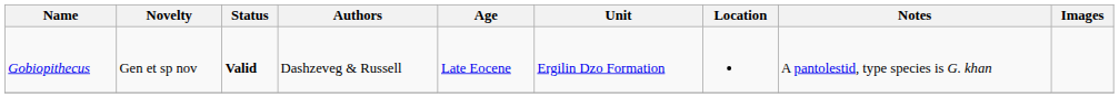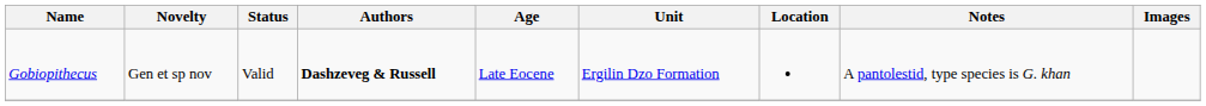 <table class="wikitable sortable" align="center" width="100%">
 <tr>
 <th>Name</th>
 <th>Novelty</th>
 <th>Status</th>
 <th>Authors</th>
 <th>Age</th>
 <th>Unit</th>
 <th>Location</th>
 <th>Notes</th>
 <th>Images</th>
 </tr>
 <tr>
 <td><br><em><a href='#'>Gobiopithecus</a></em></td>
 <td><br>Gen et sp nov</td>
-<td><strong><br>Valid</strong></td>
-<td><br>Dashzeveg & Russell</td>
+<td><br>Valid</td>
+<td><strong><br>Dashzeveg & Russell</strong></td>
 <td><br><a href='#'>Late Eocene</a></td>
 <td><br><a href='#'>Ergilin Dzo Formation</a></td>
 <td><br><ul><li></li></ul></td>
 <td><br>A <a href='#'>pantolestid</a>, type species is <em>G. khan</em></td>
 <td></td>
 </tr>
 <tr>
 </tr>
 </table>
